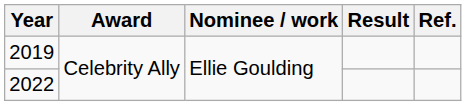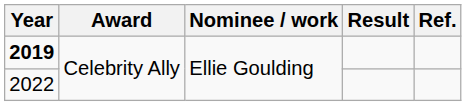 <table class="wikitable">
 <tr>
 <th>Year</th>
 <th>Award</th>
 <th>Nominee / work</th>
 <th>Result</th>
 <th>Ref.</th>
 </tr>
 <tr>
-<td>2019</td>
+<td><strong>2019</strong></td>
 <td rowspan="2">Celebrity Ally</td>
 <td rowspan="2">Ellie Goulding</td>
 <td></td>
 <td></td>
 </tr>
 <tr>
 <td>2022</td>
 <td></td>
 <td></td>
 </tr>
 </table>
